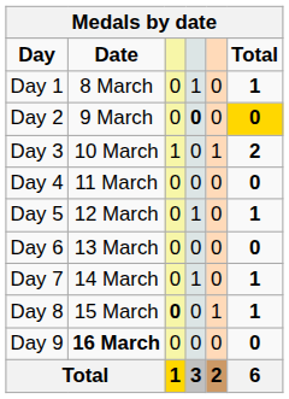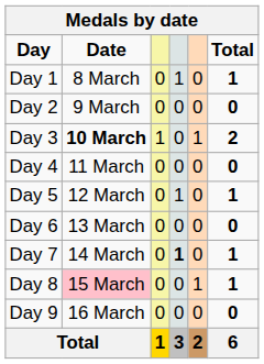 <table class=wikitable style="float:right">
 <tr style="background:#efefef;">
 <th colspan=6>Medals by date</th>
 </tr>
 <tr align=center>
 <td><strong>Day</strong></td>
 <td><strong>Date</strong></td>
 <td style="background:#f7f6a8;"></td>
 <td style="background:#dce5e5;"></td>
 <td style="background:#ffdab9;"></td>
 <td><strong>Total</strong></td>
 </tr>
 <tr align=center>
 <td>Day 1</td>
 <td>8 March</td>
 <td style="background:#f7f6a8;">0</td>
 <td style="background:#dce5e5;">1</td>
 <td style="background:#ffdab9;">0</td>
 <td><strong>1</strong></td>
 </tr>
 <tr align=center>
 <td>Day 2</td>
 <td>9 March</td>
 <td style="background:#f7f6a8;">0</td>
-<td style="background:#dce5e5;"><strong>0</strong></td>
+<td style="background:#dce5e5;">0</td>
 <td style="background:#ffdab9;">0</td>
-<td style="background: gold;"><strong>0</strong></td>
+<td><strong>0</strong></td>
 </tr>
 <tr align=center>
 <td>Day 3</td>
-<td>10 March</td>
+<td><strong>10 March</strong></td>
 <td style="background:#f7f6a8;">1</td>
 <td style="background:#dce5e5;">0</td>
 <td style="background:#ffdab9;">1</td>
 <td><strong>2</strong></td>
 </tr>
 <tr align=center>
 <td>Day 4</td>
 <td>11 March</td>
 <td style="background:#f7f6a8;">0</td>
 <td style="background:#dce5e5;">0</td>
 <td style="background:#ffdab9;">0</td>
 <td><strong>0</strong></td>
 </tr>
 <tr align=center>
 <td>Day 5</td>
 <td>12 March</td>
 <td style="background:#f7f6a8;">0</td>
 <td style="background:#dce5e5;">1</td>
 <td style="background:#ffdab9;">0</td>
 <td><strong>1</strong></td>
 </tr>
 <tr align=center>
 <td>Day 6</td>
 <td>13 March</td>
 <td style="background:#f7f6a8;">0</td>
 <td style="background:#dce5e5;">0</td>
 <td style="background:#ffdab9;">0</td>
 <td><strong>0</strong></td>
 </tr>
 <tr align=center>
 <td>Day 7</td>
 <td>14 March</td>
 <td style="background:#f7f6a8;">0</td>
-<td style="background:#dce5e5;">1</td>
+<td style="background:#dce5e5;"><strong>1</strong></td>
 <td style="background:#ffdab9;">0</td>
 <td><strong>1</strong></td>
 </tr>
 <tr align=center>
 <td>Day 8</td>
-<td>15 March</td>
-<td style="background:#f7f6a8;"><strong>0</strong></td>
+<td style="background: pink;">15 March</td>
+<td style="background:#f7f6a8;">0</td>
 <td style="background:#dce5e5;">0</td>
 <td style="background:#ffdab9;">1</td>
 <td><strong>1</strong></td>
 </tr>
 <tr align=center>
 <td>Day 9</td>
-<td><strong>16 March</strong></td>
+<td>16 March</td>
 <td style="background:#f7f6a8;">0</td>
 <td style="background:#dce5e5;">0</td>
 <td style="background:#ffdab9;">0</td>
 <td><strong>0</strong></td>
 </tr>
 <tr>
 <th colspan=2>Total</th>
 <th style="background:gold">1</th>
 <th style="background:silver">3</th>
 <th style="background:#c96">2</th>
 <th>6</th>
 </tr>
 </table>
